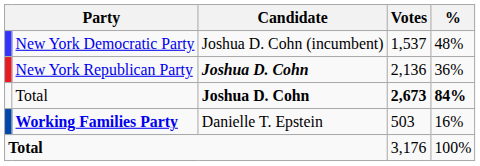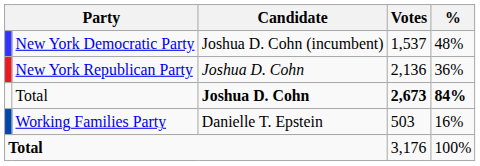 <table class="wikitable" style="font-size: 95%">
 <tr>
 <th colspan="2">Party</th>
 <th>Candidate</th>
 <th>Votes</th>
 <th>%</th>
 </tr>
 <tr>
 <td bgcolor="#3333FF"></td>
 <td><a href='#'>New York Democratic Party</a></td>
 <td>Joshua D. Cohn (incumbent)</td>
 <td>1,537</td>
 <td>48%</td>
 </tr>
 <tr>
 <td bgcolor="#E81B23"></td>
 <td><a href='#'>New York Republican Party</a></td>
-<td><strong><em>Joshua D. Cohn</em></strong></td>
+<td><em>Joshua D. Cohn</em></td>
 <td>2,136</td>
 <td>36%</td>
 </tr>
 <tr>
 <td></td>
 <td>Total</td>
 <td><strong>Joshua D. Cohn</strong></td>
 <td><strong>2,673</strong></td>
 <td><strong>84%</strong></td>
 </tr>
 <tr>
 <td bgcolor="#0047AB"></td>
-<td><strong><a href='#'>Working Families Party</a></strong></td>
+<td><a href='#'>Working Families Party</a></td>
 <td>Danielle T. Epstein</td>
 <td>503</td>
 <td>16%</td>
 </tr>
 <tr>
 <td colspan="3"><strong>Total</strong></td>
 <td>3,176</td>
 <td>100%</td>
 </tr>
 </table>
